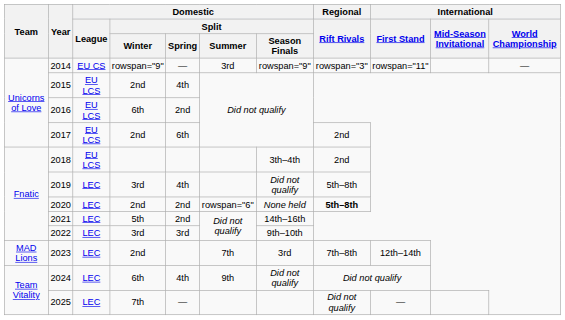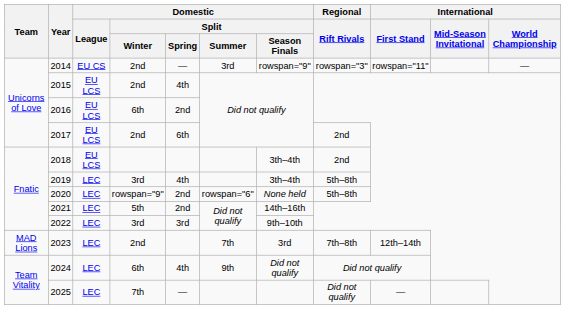 <table class="wikitable" style="font-size:90%; text-align:center;">
 <tr style="background:#f0f6ff;">
 <th rowspan=3>Team</th>
 <th rowspan=3>Year</th>
 <th colspan=5>Domestic</th>
 <th>Regional</th>
 <th colspan=3>International</th>
 </tr>
 <tr>
 <th rowspan=2>League</th>
 <th colspan=4>Split</th>
 <th rowspan=2><a href='#'>Rift Rivals</a></th>
 <th rowspan=2><a href='#'>First Stand</a></th>
 <th rowspan=2><a href='#'>Mid-Season Invitational</a></th>
 <th rowspan=2><a href='#'>World Championship</a></th>
 </tr>
 <tr>
 <th>Winter</th>
 <th>Spring</th>
 <th>Summer</th>
 <th>Season Finals</th>
 </tr>
 <tr>
 <td rowspan="4"><a href='#'>Unicorns of Love</a></td>
 <td>2014</td>
 <td><a href='#'>EU CS</a></td>
-<td>rowspan="9" </td>
+<td>2nd</td>
 <td>—</td>
 <td>3rd</td>
 <td>rowspan="9" </td>
 <td>rowspan="3" </td>
 <td>rowspan="11" </td>
 <td></td>
 <td>—</td>
 </tr>
 <tr>
 <td>2015</td>
 <td><a href='#'>EU LCS</a></td>
 <td>2nd</td>
 <td>4th</td>
 <td colspan="2" rowspan="3"><em>Did not qualify</em></td>
 </tr>
 <tr>
 <td>2016</td>
 <td><a href='#'>EU LCS</a></td>
 <td>6th</td>
 <td>2nd</td>
 </tr>
 <tr>
 <td>2017</td>
 <td><a href='#'>EU LCS</a></td>
 <td>2nd</td>
 <td>6th</td>
 <td>2nd</td>
 </tr>
 <tr>
 <td rowspan="5"><a href='#'>Fnatic</a></td>
 <td>2018</td>
 <td><a href='#'>EU LCS</a></td>
 <td></td>
 <td></td>
 <td></td>
 <td>3th–4th</td>
 <td>2nd</td>
 </tr>
 <tr>
 <td>2019</td>
 <td><a href='#'>LEC</a></td>
 <td>3rd</td>
 <td>4th</td>
 <td></td>
-<td><em>Did not qualify</em></td>
+<td>3th–4th</td>
 <td>5th–8th</td>
 </tr>
 <tr>
 <td>2020</td>
 <td><a href='#'>LEC</a></td>
-<td>2nd</td>
+<td>rowspan="9" </td>
 <td>2nd</td>
 <td>rowspan="6" </td>
 <td><em>None held</em></td>
-<td><strong>5th–8th</strong></td>
+<td>5th–8th</td>
 </tr>
 <tr>
 <td>2021</td>
 <td><a href='#'>LEC</a></td>
 <td>5th</td>
 <td>2nd</td>
 <td rowspan="2"><em>Did not qualify</em></td>
 <td>14th–16th</td>
 </tr>
 <tr>
 <td>2022</td>
 <td><a href='#'>LEC</a></td>
 <td>3rd</td>
 <td>3rd</td>
 <td>9th–10th</td>
 </tr>
 <tr>
 <td><a href='#'>MAD Lions</a></td>
 <td>2023</td>
 <td><a href='#'>LEC</a></td>
 <td>2nd</td>
 <td></td>
 <td>7th</td>
 <td>3rd</td>
 <td>7th–8th</td>
 <td>12th–14th</td>
 </tr>
 <tr>
 <td rowspan="2"><a href='#'>Team Vitality</a></td>
 <td>2024</td>
 <td><a href='#'>LEC</a></td>
 <td>6th</td>
 <td>4th</td>
 <td>9th</td>
 <td><em>Did not qualify</em></td>
 <td colspan="2"><em>Did not qualify</em></td>
 </tr>
 <tr>
 <td>2025</td>
 <td><a href='#'>LEC</a></td>
 <td>7th</td>
 <td>—</td>
 <td></td>
 <td></td>
 <td><em>Did not qualify</em></td>
 <td>—</td>
 <td></td>
 </tr>
 </table>
